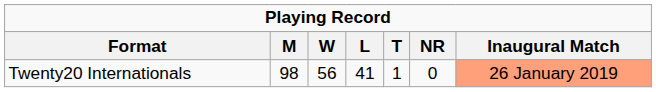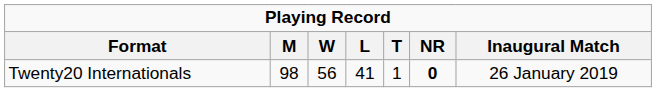 <table class="wikitable" style="text-align: center; width: 600px;">
 <tr>
 <td colspan=7 align="center"><strong>Playing Record</strong></td>
 </tr>
 <tr>
 <th>Format</th>
 <th>M</th>
 <th>W</th>
 <th>L</th>
 <th>T</th>
 <th>NR</th>
 <th>Inaugural Match</th>
 </tr>
 <tr>
 <td align="left">Twenty20 Internationals</td>
 <td>98</td>
 <td>56</td>
 <td>41</td>
 <td>1</td>
-<td>0</td>
-<td style="background: lightsalmon;">26 January 2019</td>
+<td><strong>0</strong></td>
+<td>26 January 2019</td>
 </tr>
 </table>
